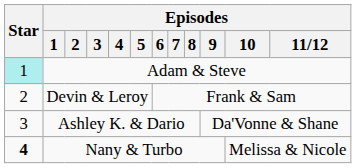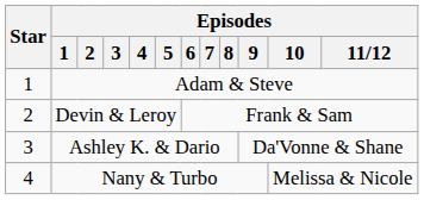 <table class="wikitable" style="text-align:center">
 <tr>
 <th rowspan="2">Star</th>
 <th colspan="11">Episodes</th>
 </tr>
 <tr>
 <th>1</th>
 <th>2</th>
 <th>3</th>
 <th>4</th>
 <th>5</th>
 <th>6</th>
 <th>7</th>
 <th>8</th>
 <th>9</th>
 <th>10</th>
 <th>11/12</th>
 </tr>
 <tr>
-<td style="background: paleturquoise;">1</td>
+<td>1</td>
 <td colspan="11">Adam & Steve</td>
 </tr>
 <tr>
 <td>2</td>
 <td colspan="5">Devin & Leroy</td>
 <td colspan="6">Frank & Sam</td>
 </tr>
 <tr>
 <td>3</td>
 <td colspan="8">Ashley K. & Dario</td>
 <td colspan="3">Da'Vonne & Shane</td>
 </tr>
 <tr>
-<td><strong>4</strong></td>
+<td>4</td>
 <td colspan="9">Nany & Turbo</td>
 <td colspan="3">Melissa & Nicole</td>
 </tr>
 </table>
